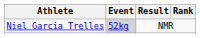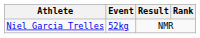 <table class=wikitable style="font-size:90%">
 <tr>
 <th>Athlete</th>
 <th>Event</th>
 <th>Result</th>
 <th>Rank</th>
 </tr>
 <tr>
 <td><a href='#'>Niel Garcia Trelles</a></td>
-<td style="background: lightgrey;"><a href='#'>52kg</a></td>
+<td><a href='#'>52kg</a></td>
 <td style="text-align:center;" colspan="2">NMR</td>
 </tr>
 </table>
